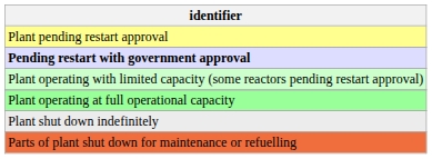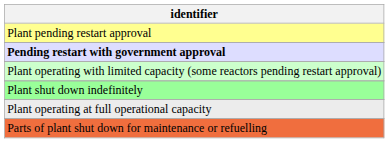 <table class="wikitable">
 <tr>
 <th>identifier</th>
 </tr>
 <tr style="background-color:#ffff90">
 <td>Plant pending restart approval</td>
 </tr>
 <tr>
 </tr>
 <tr style="background-color:#DDF">
 <td><strong>Pending restart with government approval</strong></td>
 </tr>
 <tr>
 </tr>
 <tr style="background-color:#CFC">
 <td>Plant operating with limited capacity (some reactors pending restart approval)</td>
 </tr>
 <tr>
 </tr>
 <tr style="background-color:#9F9">
-<td>Plant operating at full operational capacity</td>
+<td>Plant shut down indefinitely</td>
 </tr>
 <tr>
 </tr>
 <tr style="background-color:#ececec">
-<td>Plant shut down indefinitely</td>
+<td>Plant operating at full operational capacity</td>
 </tr>
 <tr>
 </tr>
 <tr style="background-color:#F06E3E">
 <td>Parts of plant shut down for maintenance or refuelling</td>
 </tr>
 </table>
